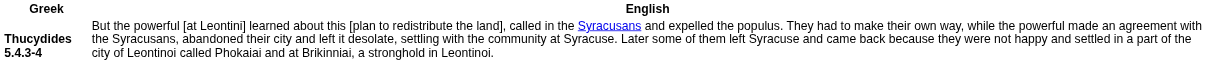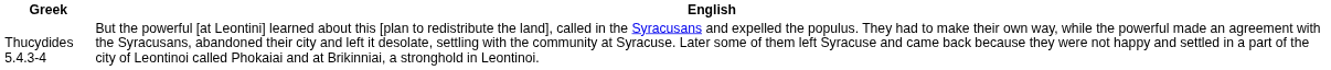 <table>
 <tr>
 <th>Greek</th>
 <th>English</th>
 </tr>
 <tr>
-<td><strong><br>Thucydides 5.4.3-4</strong></td>
+<td><br>Thucydides 5.4.3-4</td>
 <td>But the powerful [at Leontini] learned about this [plan to redistribute the land], called in the <a href='#'>Syracusans</a> and expelled the populus. They had to make their own way, while the powerful made an agreement with the Syracusans, abandoned their city and left it desolate, settling with the community at Syracuse. Later some of them left Syracuse and came back because they were not happy and settled in a part of the city of Leontinoi called Phokaiai and at Brikinniai, a stronghold in Leontinoi.</td>
 </tr>
 </table>
